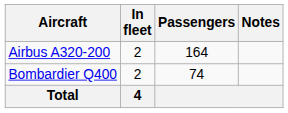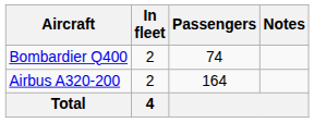 <table class="wikitable" style="border-collapse:collapse;margin:auto;">
 <tr>
 <th>Aircraft</th>
 <th style="width:25px;">In fleet</th>
 <th>Passengers</th>
 <th>Notes</th>
 </tr>
 <tr>
+<td><a href='#'>Bombardier Q400</a></td>
+<td align=center>2</td>
+<td align=center>74</td>
+<td align="center"></td>
+</tr>
+<tr>
 <td><a href='#'>Airbus A320-200</a></td>
 <td align=center>2</td>
 <td align=center>164</td>
-<td align="center"></td>
-</tr>
-<tr>
-<td><a href='#'>Bombardier Q400</a></td>
-<td align=center>2</td>
-<td align=center>74</td>
 <td align="center"></td>
 </tr>
 <tr>
 <th>Total</th>
 <th>4</th>
 <th colspan=2></th>
 </tr>
 </table>
